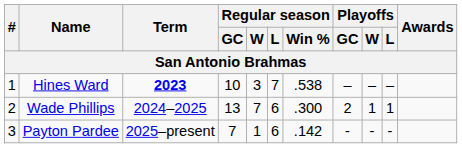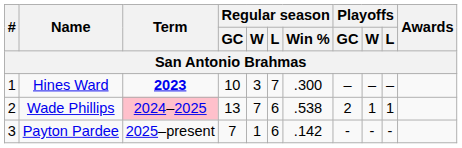 <table class="wikitable" style="text-align:center">
 <tr>
 <th rowspan="2">#</th>
 <th rowspan="2">Name</th>
 <th rowspan="2">Term</th>
 <th colspan="4">Regular season</th>
 <th colspan="3">Playoffs</th>
 <th rowspan="2">Awards</th>
 </tr>
 <tr>
 <th>GC</th>
 <th>W</th>
 <th>L</th>
 <th>Win %</th>
 <th>GC</th>
 <th>W</th>
 <th>L</th>
 </tr>
 <tr>
 <th colspan="11">San Antonio Brahmas</th>
 </tr>
 <tr>
 <td>1</td>
 <td><a href='#'>Hines Ward</a></td>
 <td><strong><a href='#'>2023</a></strong></td>
 <td>10</td>
 <td>3</td>
 <td>7</td>
-<td>.538</td>
+<td>.300</td>
 <td>–</td>
 <td>–</td>
 <td>–</td>
 <td></td>
 </tr>
 <tr>
 <td>2</td>
 <td><a href='#'>Wade Phillips</a></td>
-<td><a href='#'>2024</a>–<a href='#'>2025</a></td>
+<td style="background: pink;"><a href='#'>2024</a>–<a href='#'>2025</a></td>
 <td>13</td>
 <td>7</td>
 <td>6</td>
-<td>.300</td>
+<td>.538</td>
 <td>2</td>
 <td>1</td>
 <td>1</td>
 <td></td>
 </tr>
 <tr>
 <td>3</td>
 <td><a href='#'>Payton Pardee</a></td>
 <td><a href='#'>2025</a>–present</td>
 <td>7</td>
 <td>1</td>
 <td>6</td>
 <td>.142</td>
 <td>-</td>
 <td>-</td>
 <td>-</td>
 <td></td>
 </tr>
 </table>
